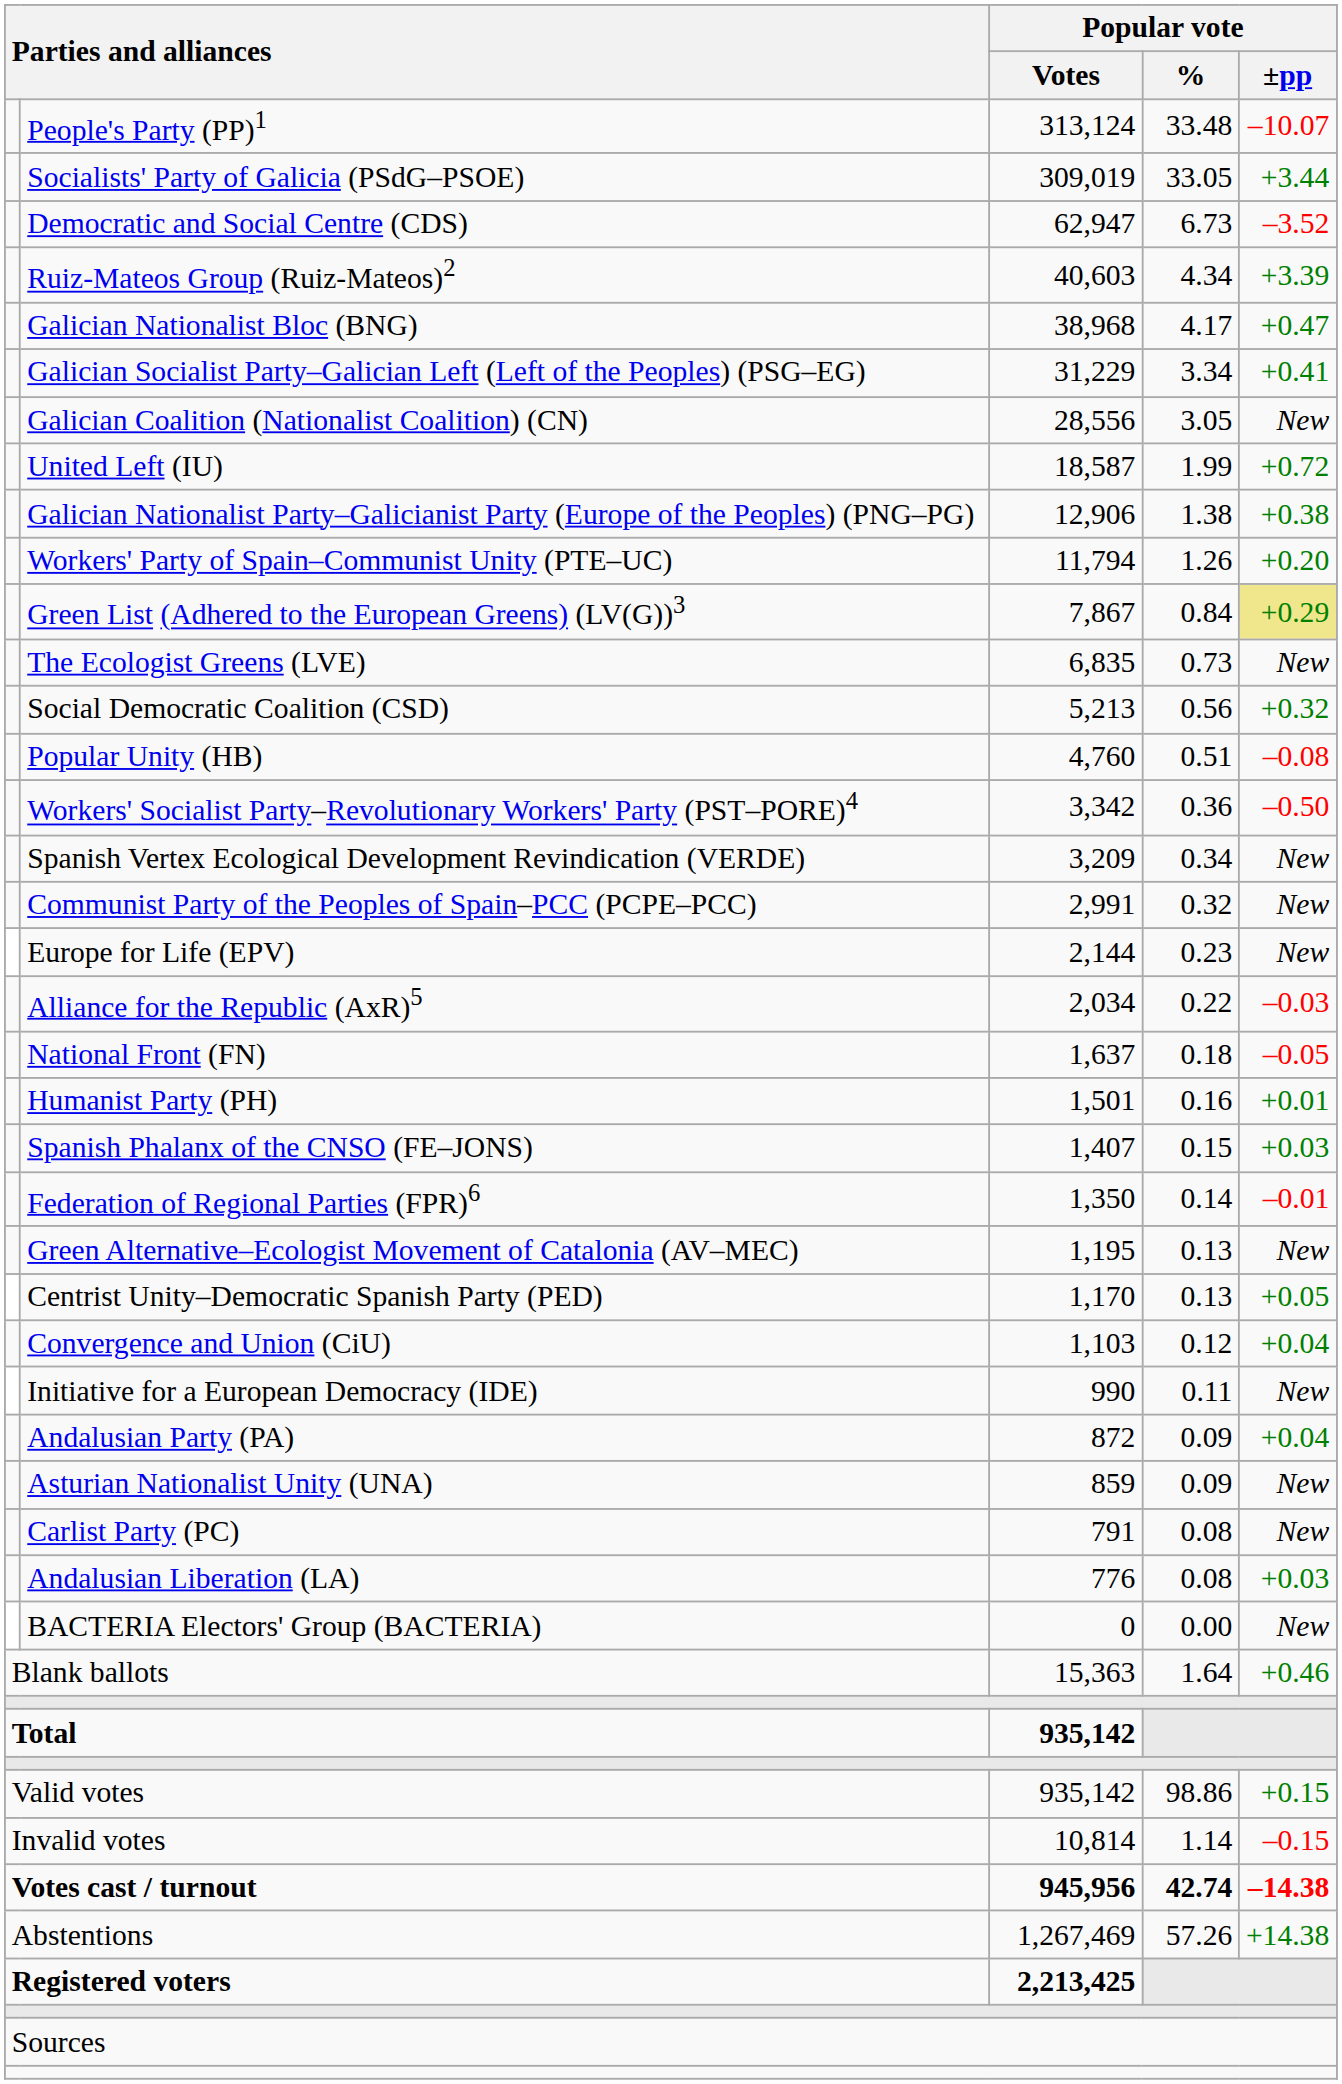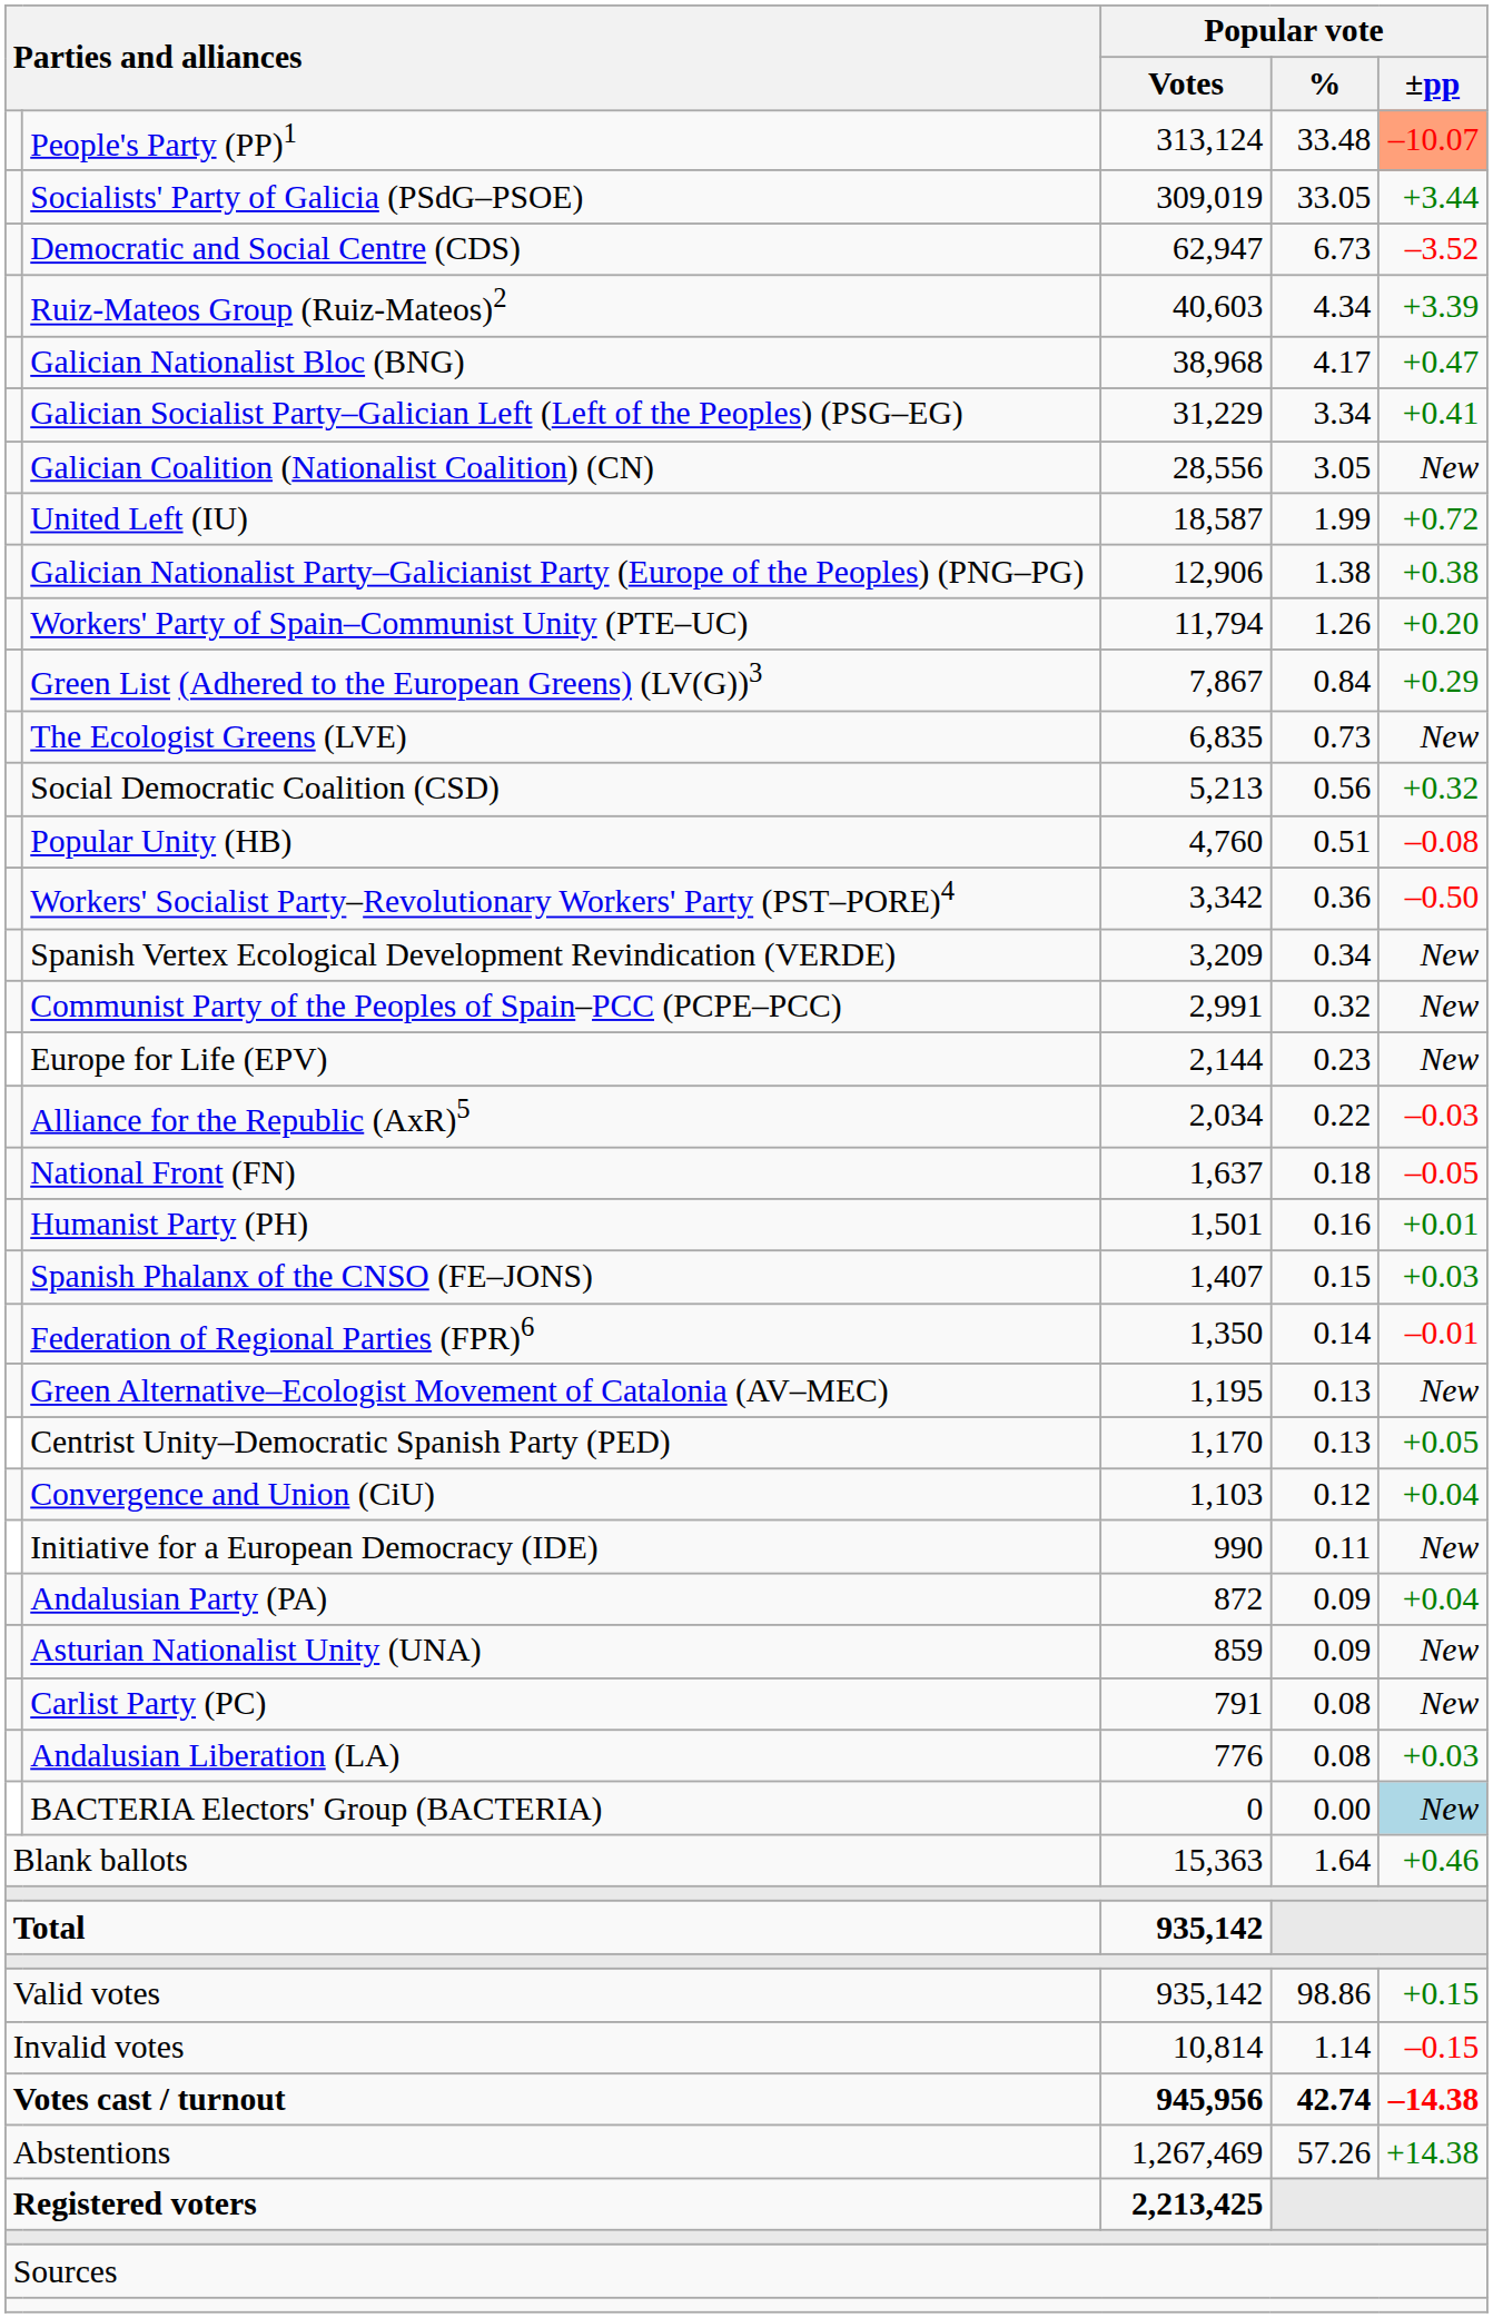 <table class="wikitable" style="text-align:right">
 <tr>
 <th style="text-align:left;" rowspan="2" colspan="2" width="525">Parties and alliances</th>
 <th colspan="3">Popular vote</th>
 </tr>
 <tr>
 <th width="75">Votes</th>
 <th width="45">%</th>
 <th width="45">±<a href='#'>pp</a></th>
 </tr>
 <tr>
 <td width="1" style="color:inherit;background:"></td>
 <td align="left"><a href='#'>People's Party</a> (PP)<sup>1</sup></td>
 <td>313,124</td>
 <td>33.48</td>
-<td style="color:red;">–10.07</td>
+<td style="background: lightsalmon; color:red;">–10.07</td>
 </tr>
 <tr>
 <td style="color:inherit;background:"></td>
 <td align="left"><a href='#'>Socialists' Party of Galicia</a> (PSdG–PSOE)</td>
 <td>309,019</td>
 <td>33.05</td>
 <td style="color:green;">+3.44</td>
 </tr>
 <tr>
 <td style="color:inherit;background:"></td>
 <td align="left"><a href='#'>Democratic and Social Centre</a> (CDS)</td>
 <td>62,947</td>
 <td>6.73</td>
 <td style="color:red;">–3.52</td>
 </tr>
 <tr>
 <td style="color:inherit;background:"></td>
 <td align="left"><a href='#'>Ruiz-Mateos Group</a> (Ruiz-Mateos)<sup>2</sup></td>
 <td>40,603</td>
 <td>4.34</td>
 <td style="color:green;">+3.39</td>
 </tr>
 <tr>
 <td style="color:inherit;background:"></td>
 <td align="left"><a href='#'>Galician Nationalist Bloc</a> (BNG)</td>
 <td>38,968</td>
 <td>4.17</td>
 <td style="color:green;">+0.47</td>
 </tr>
 <tr>
 <td style="color:inherit;background:"></td>
 <td align="left"><a href='#'>Galician Socialist Party–Galician Left</a> (<a href='#'>Left of the Peoples</a>) (PSG–EG)</td>
 <td>31,229</td>
 <td>3.34</td>
 <td style="color:green;">+0.41</td>
 </tr>
 <tr>
 <td style="color:inherit;background:"></td>
 <td align="left"><a href='#'>Galician Coalition</a> (<a href='#'>Nationalist Coalition</a>) (CN)</td>
 <td>28,556</td>
 <td>3.05</td>
 <td><em>New</em></td>
 </tr>
 <tr>
 <td style="color:inherit;background:"></td>
 <td align="left"><a href='#'>United Left</a> (IU)</td>
 <td>18,587</td>
 <td>1.99</td>
 <td style="color:green;">+0.72</td>
 </tr>
 <tr>
 <td style="color:inherit;background:"></td>
 <td align="left"><a href='#'>Galician Nationalist Party–Galicianist Party</a> (<a href='#'>Europe of the Peoples</a>) (PNG–PG)</td>
 <td>12,906</td>
 <td>1.38</td>
 <td style="color:green;">+0.38</td>
 </tr>
 <tr>
 <td style="color:inherit;background:"></td>
 <td align="left"><a href='#'>Workers' Party of Spain–Communist Unity</a> (PTE–UC)</td>
 <td>11,794</td>
 <td>1.26</td>
 <td style="color:green;">+0.20</td>
 </tr>
 <tr>
 <td style="color:inherit;background:"></td>
 <td align="left"><a href='#'>Green List</a> <a href='#'>(Adhered to the European Greens)</a> (LV(G))<sup>3</sup></td>
 <td>7,867</td>
 <td>0.84</td>
-<td style="background: khaki; color:green;">+0.29</td>
+<td style="color:green;">+0.29</td>
 </tr>
 <tr>
 <td style="color:inherit;background:"></td>
 <td align="left"><a href='#'>The Ecologist Greens</a> (LVE)</td>
 <td>6,835</td>
 <td>0.73</td>
 <td><em>New</em></td>
 </tr>
 <tr>
 <td style="color:inherit;background:"></td>
 <td align="left">Social Democratic Coalition (CSD)</td>
 <td>5,213</td>
 <td>0.56</td>
 <td style="color:green;">+0.32</td>
 </tr>
 <tr>
 <td style="color:inherit;background:"></td>
 <td align="left"><a href='#'>Popular Unity</a> (HB)</td>
 <td>4,760</td>
 <td>0.51</td>
 <td style="color:red;">–0.08</td>
 </tr>
 <tr>
 <td style="color:inherit;background:"></td>
 <td align="left"><a href='#'>Workers' Socialist Party</a>–<a href='#'>Revolutionary Workers' Party</a> (PST–PORE)<sup>4</sup></td>
 <td>3,342</td>
 <td>0.36</td>
 <td style="color:red;">–0.50</td>
 </tr>
 <tr>
 <td style="color:inherit;background:"></td>
 <td align="left">Spanish Vertex Ecological Development Revindication (VERDE)</td>
 <td>3,209</td>
 <td>0.34</td>
 <td><em>New</em></td>
 </tr>
 <tr>
 <td style="color:inherit;background:"></td>
 <td align="left"><a href='#'>Communist Party of the Peoples of Spain</a>–<a href='#'>PCC</a> (PCPE–PCC)</td>
 <td>2,991</td>
 <td>0.32</td>
 <td><em>New</em></td>
 </tr>
 <tr>
 <td bgcolor="white"></td>
 <td align="left">Europe for Life (EPV)</td>
 <td>2,144</td>
 <td>0.23</td>
 <td><em>New</em></td>
 </tr>
 <tr>
 <td style="color:inherit;background:"></td>
 <td align="left"><a href='#'>Alliance for the Republic</a> (AxR)<sup>5</sup></td>
 <td>2,034</td>
 <td>0.22</td>
 <td style="color:red;">–0.03</td>
 </tr>
 <tr>
 <td style="color:inherit;background:"></td>
 <td align="left"><a href='#'>National Front</a> (FN)</td>
 <td>1,637</td>
 <td>0.18</td>
 <td style="color:red;">–0.05</td>
 </tr>
 <tr>
 <td style="color:inherit;background:"></td>
 <td align="left"><a href='#'>Humanist Party</a> (PH)</td>
 <td>1,501</td>
 <td>0.16</td>
 <td style="color:green;">+0.01</td>
 </tr>
 <tr>
 <td style="color:inherit;background:"></td>
 <td align="left"><a href='#'>Spanish Phalanx of the CNSO</a> (FE–JONS)</td>
 <td>1,407</td>
 <td>0.15</td>
 <td style="color:green;">+0.03</td>
 </tr>
 <tr>
 <td style="color:inherit;background:"></td>
 <td align="left"><a href='#'>Federation of Regional Parties</a> (FPR)<sup>6</sup></td>
 <td>1,350</td>
 <td>0.14</td>
 <td style="color:red;">–0.01</td>
 </tr>
 <tr>
 <td style="color:inherit;background:"></td>
 <td align="left"><a href='#'>Green Alternative–Ecologist Movement of Catalonia</a> (AV–MEC)</td>
 <td>1,195</td>
 <td>0.13</td>
 <td><em>New</em></td>
 </tr>
 <tr>
 <td bgcolor="white"></td>
 <td align="left">Centrist Unity–Democratic Spanish Party (PED)</td>
 <td>1,170</td>
 <td>0.13</td>
 <td style="color:green;">+0.05</td>
 </tr>
 <tr>
 <td style="color:inherit;background:"></td>
 <td align="left"><a href='#'>Convergence and Union</a> (CiU)</td>
 <td>1,103</td>
 <td>0.12</td>
 <td style="color:green;">+0.04</td>
 </tr>
 <tr>
 <td bgcolor="white"></td>
 <td align="left">Initiative for a European Democracy (IDE)</td>
 <td>990</td>
 <td>0.11</td>
 <td><em>New</em></td>
 </tr>
 <tr>
 <td style="color:inherit;background:"></td>
 <td align="left"><a href='#'>Andalusian Party</a> (PA)</td>
 <td>872</td>
 <td>0.09</td>
 <td style="color:green;">+0.04</td>
 </tr>
 <tr>
 <td style="color:inherit;background:"></td>
 <td align="left"><a href='#'>Asturian Nationalist Unity</a> (UNA)</td>
 <td>859</td>
 <td>0.09</td>
 <td><em>New</em></td>
 </tr>
 <tr>
 <td style="color:inherit;background:"></td>
 <td align="left"><a href='#'>Carlist Party</a> (PC)</td>
 <td>791</td>
 <td>0.08</td>
 <td><em>New</em></td>
 </tr>
 <tr>
 <td style="color:inherit;background:"></td>
 <td align="left"><a href='#'>Andalusian Liberation</a> (LA)</td>
 <td>776</td>
 <td>0.08</td>
 <td style="color:green;">+0.03</td>
 </tr>
 <tr>
 <td bgcolor="white"></td>
 <td align="left">BACTERIA Electors' Group (BACTERIA)</td>
 <td>0</td>
 <td>0.00</td>
-<td><em>New</em></td>
+<td style="background: lightblue;"><em>New</em></td>
 </tr>
 <tr>
 <td align="left" colspan="2">Blank ballots</td>
 <td>15,363</td>
 <td>1.64</td>
 <td style="color:green;">+0.46</td>
 </tr>
 <tr>
 <td colspan="5" bgcolor="#E9E9E9"></td>
 </tr>
 <tr style="font-weight:bold;">
 <td align="left" colspan="2">Total</td>
 <td>935,142</td>
 <td bgcolor="#E9E9E9" colspan="2"></td>
 </tr>
 <tr>
 <td colspan="5" bgcolor="#E9E9E9"></td>
 </tr>
 <tr>
 <td align="left" colspan="2">Valid votes</td>
 <td>935,142</td>
 <td>98.86</td>
 <td style="color:green;">+0.15</td>
 </tr>
 <tr>
 <td align="left" colspan="2">Invalid votes</td>
 <td>10,814</td>
 <td>1.14</td>
 <td style="color:red;">–0.15</td>
 </tr>
 <tr style="font-weight:bold;">
 <td align="left" colspan="2">Votes cast / turnout</td>
 <td>945,956</td>
 <td>42.74</td>
 <td style="color:red;">–14.38</td>
 </tr>
 <tr>
 <td align="left" colspan="2">Abstentions</td>
 <td>1,267,469</td>
 <td>57.26</td>
 <td style="color:green;">+14.38</td>
 </tr>
 <tr style="font-weight:bold;">
 <td align="left" colspan="2">Registered voters</td>
 <td>2,213,425</td>
 <td bgcolor="#E9E9E9" colspan="2"></td>
 </tr>
 <tr>
 <td colspan="5" bgcolor="#E9E9E9"></td>
 </tr>
 <tr>
 <td align="left" colspan="5">Sources</td>
 </tr>
 <tr>
 <td colspan="5" style="text-align:left; max-width:680px;"></td>
 </tr>
 </table>
